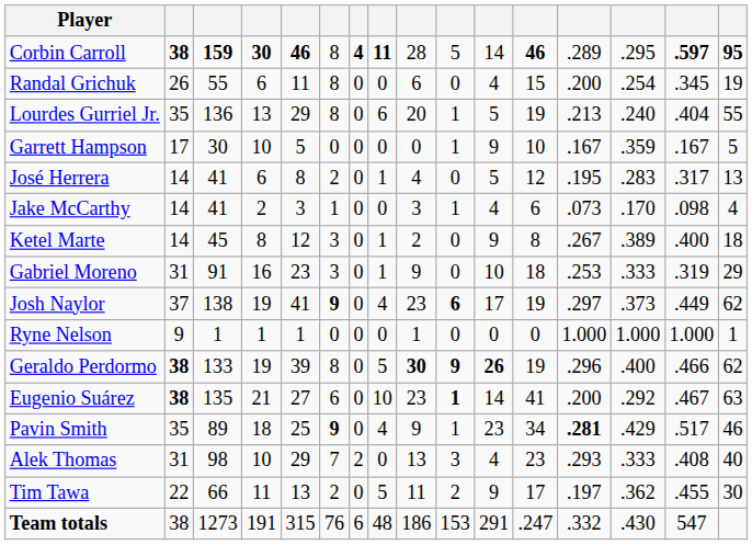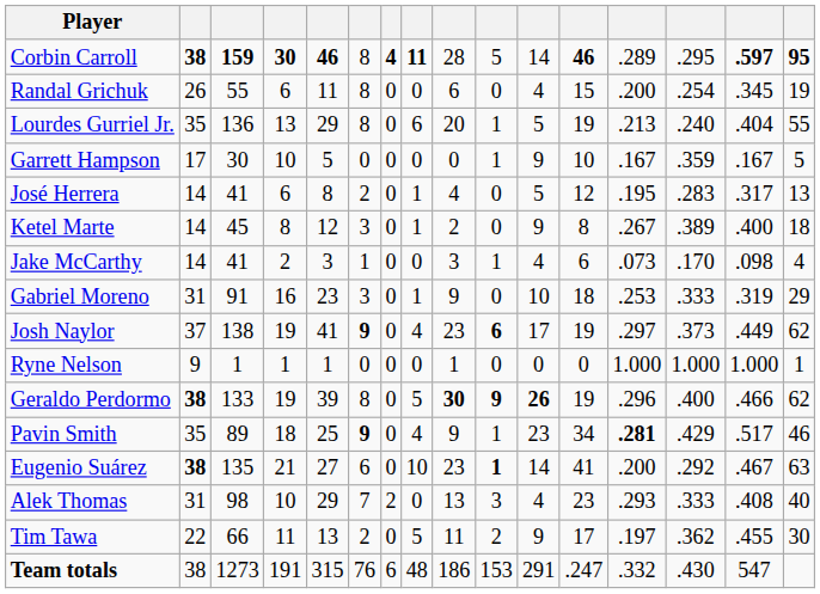 <table class="wikitable sortable" style="text-align:center;">
 <tr>
 <th>Player</th>
 <th></th>
 <th></th>
 <th></th>
 <th></th>
 <th></th>
 <th></th>
 <th></th>
 <th></th>
 <th></th>
 <th></th>
 <th></th>
 <th></th>
 <th></th>
 <th></th>
 <th></th>
 </tr>
 <tr>
 <td align="left"><a href='#'>Corbin Carroll</a></td>
 <td><strong>38</strong></td>
 <td><strong>159</strong></td>
 <td><strong>30</strong></td>
 <td><strong>46</strong></td>
 <td>8</td>
 <td><strong>4</strong></td>
 <td><strong>11</strong></td>
 <td>28</td>
 <td>5</td>
 <td>14</td>
 <td><strong>46</strong></td>
 <td>.289</td>
 <td>.295</td>
 <td><strong>.597</strong></td>
 <td><strong>95</strong></td>
 </tr>
 <tr>
 <td align="left"><a href='#'>Randal Grichuk</a></td>
 <td>26</td>
 <td>55</td>
 <td>6</td>
 <td>11</td>
 <td>8</td>
 <td>0</td>
 <td>0</td>
 <td>6</td>
 <td>0</td>
 <td>4</td>
 <td>15</td>
 <td>.200</td>
 <td>.254</td>
 <td>.345</td>
 <td>19</td>
 </tr>
 <tr>
 <td align="left"><a href='#'>Lourdes Gurriel Jr.</a></td>
 <td>35</td>
 <td>136</td>
 <td>13</td>
 <td>29</td>
 <td>8</td>
 <td>0</td>
 <td>6</td>
 <td>20</td>
 <td>1</td>
 <td>5</td>
 <td>19</td>
 <td>.213</td>
 <td>.240</td>
 <td>.404</td>
 <td>55</td>
 </tr>
 <tr>
 <td align="left"><a href='#'>Garrett Hampson</a></td>
 <td>17</td>
 <td>30</td>
 <td>10</td>
 <td>5</td>
 <td>0</td>
 <td>0</td>
 <td>0</td>
 <td>0</td>
 <td>1</td>
 <td>9</td>
 <td>10</td>
 <td>.167</td>
 <td>.359</td>
 <td>.167</td>
 <td>5</td>
 </tr>
 <tr>
 <td align="left"><a href='#'>José Herrera</a></td>
 <td>14</td>
 <td>41</td>
 <td>6</td>
 <td>8</td>
 <td>2</td>
 <td>0</td>
 <td>1</td>
 <td>4</td>
 <td>0</td>
 <td>5</td>
 <td>12</td>
 <td>.195</td>
 <td>.283</td>
 <td>.317</td>
 <td>13</td>
 </tr>
 <tr>
+<td align="left"><a href='#'>Ketel Marte</a></td>
+<td>14</td>
+<td>45</td>
+<td>8</td>
+<td>12</td>
+<td>3</td>
+<td>0</td>
+<td>1</td>
+<td>2</td>
+<td>0</td>
+<td>9</td>
+<td>8</td>
+<td>.267</td>
+<td>.389</td>
+<td>.400</td>
+<td>18</td>
+</tr>
+<tr>
 <td align="left"><a href='#'>Jake McCarthy</a></td>
 <td>14</td>
 <td>41</td>
 <td>2</td>
 <td>3</td>
 <td>1</td>
 <td>0</td>
 <td>0</td>
 <td>3</td>
 <td>1</td>
 <td>4</td>
 <td>6</td>
 <td>.073</td>
 <td>.170</td>
 <td>.098</td>
 <td>4</td>
-</tr>
-<tr>
-<td align="left"><a href='#'>Ketel Marte</a></td>
-<td>14</td>
-<td>45</td>
-<td>8</td>
-<td>12</td>
-<td>3</td>
-<td>0</td>
-<td>1</td>
-<td>2</td>
-<td>0</td>
-<td>9</td>
-<td>8</td>
-<td>.267</td>
-<td>.389</td>
-<td>.400</td>
-<td>18</td>
 </tr>
 <tr>
 <td align="left"><a href='#'>Gabriel Moreno</a></td>
 <td>31</td>
 <td>91</td>
 <td>16</td>
 <td>23</td>
 <td>3</td>
 <td>0</td>
 <td>1</td>
 <td>9</td>
 <td>0</td>
 <td>10</td>
 <td>18</td>
 <td>.253</td>
 <td>.333</td>
 <td>.319</td>
 <td>29</td>
 </tr>
 <tr>
 <td align="left"><a href='#'>Josh Naylor</a></td>
 <td>37</td>
 <td>138</td>
 <td>19</td>
 <td>41</td>
 <td><strong>9</strong></td>
 <td>0</td>
 <td>4</td>
 <td>23</td>
 <td><strong>6</strong></td>
 <td>17</td>
 <td>19</td>
 <td>.297</td>
 <td>.373</td>
 <td>.449</td>
 <td>62</td>
 </tr>
 <tr>
 <td align="left"><a href='#'>Ryne Nelson</a></td>
 <td>9</td>
 <td>1</td>
 <td>1</td>
 <td>1</td>
 <td>0</td>
 <td>0</td>
 <td>0</td>
 <td>1</td>
 <td>0</td>
 <td>0</td>
 <td>0</td>
 <td>1.000</td>
 <td>1.000</td>
 <td>1.000</td>
 <td>1</td>
 </tr>
 <tr>
 <td align="left"><a href='#'>Geraldo Perdormo</a></td>
 <td><strong>38</strong></td>
 <td>133</td>
 <td>19</td>
 <td>39</td>
 <td>8</td>
 <td>0</td>
 <td>5</td>
 <td><strong>30</strong></td>
 <td><strong>9</strong></td>
 <td><strong>26</strong></td>
 <td>19</td>
 <td>.296</td>
 <td>.400</td>
 <td>.466</td>
 <td>62</td>
 </tr>
 <tr>
+<td align="left"><a href='#'>Pavin Smith</a></td>
+<td>35</td>
+<td>89</td>
+<td>18</td>
+<td>25</td>
+<td><strong>9</strong></td>
+<td>0</td>
+<td>4</td>
+<td>9</td>
+<td>1</td>
+<td>23</td>
+<td>34</td>
+<td><strong>.281</strong></td>
+<td>.429</td>
+<td>.517</td>
+<td>46</td>
+</tr>
+<tr>
 <td align="left"><a href='#'>Eugenio Suárez</a></td>
 <td><strong>38</strong></td>
 <td>135</td>
 <td>21</td>
 <td>27</td>
 <td>6</td>
 <td>0</td>
 <td>10</td>
 <td>23</td>
 <td><strong>1</strong></td>
 <td>14</td>
 <td>41</td>
 <td>.200</td>
 <td>.292</td>
 <td>.467</td>
 <td>63</td>
-</tr>
-<tr>
-<td align="left"><a href='#'>Pavin Smith</a></td>
-<td>35</td>
-<td>89</td>
-<td>18</td>
-<td>25</td>
-<td><strong>9</strong></td>
-<td>0</td>
-<td>4</td>
-<td>9</td>
-<td>1</td>
-<td>23</td>
-<td>34</td>
-<td><strong>.281</strong></td>
-<td>.429</td>
-<td>.517</td>
-<td>46</td>
 </tr>
 <tr>
 <td align="left"><a href='#'>Alek Thomas</a></td>
 <td>31</td>
 <td>98</td>
 <td>10</td>
 <td>29</td>
 <td>7</td>
 <td>2</td>
 <td>0</td>
 <td>13</td>
 <td>3</td>
 <td>4</td>
 <td>23</td>
 <td>.293</td>
 <td>.333</td>
 <td>.408</td>
 <td>40</td>
 </tr>
 <tr>
 <td align="left"><a href='#'>Tim Tawa</a></td>
 <td>22</td>
 <td>66</td>
 <td>11</td>
 <td>13</td>
 <td>2</td>
 <td>0</td>
 <td>5</td>
 <td>11</td>
 <td>2</td>
 <td>9</td>
 <td>17</td>
 <td>.197</td>
 <td>.362</td>
 <td>.455</td>
 <td>30</td>
 </tr>
 <tr class="sortbottom">
 <td align="left"><strong>Team totals</strong></td>
 <td>38</td>
 <td>1273</td>
 <td>191</td>
 <td>315</td>
 <td>76</td>
 <td>6</td>
 <td>48</td>
 <td>186</td>
 <td>153</td>
 <td>291</td>
 <td>.247</td>
 <td>.332</td>
 <td>.430</td>
 <td>547</td>
 </tr>
 </table>
